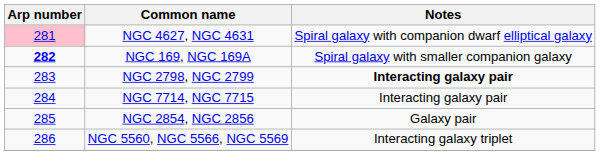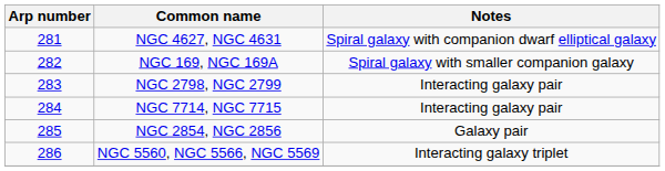 <table class="wikitable" style="text-align:center;">
 <tr>
 <th>Arp number</th>
 <th>Common name</th>
 <th>Notes</th>
 </tr>
 <tr>
-<td style="background: pink;"><a href='#'>281</a></td>
+<td><a href='#'>281</a></td>
 <td><a href='#'>NGC 4627</a>, <a href='#'>NGC 4631</a></td>
 <td><a href='#'>Spiral galaxy</a> with companion dwarf <a href='#'>elliptical galaxy</a></td>
 </tr>
 <tr>
-<td><strong><a href='#'>282</a></strong></td>
+<td><a href='#'>282</a></td>
 <td><a href='#'>NGC 169</a>, <a href='#'>NGC 169A</a></td>
 <td><a href='#'>Spiral galaxy</a> with smaller companion galaxy</td>
 </tr>
 <tr>
 <td><a href='#'>283</a></td>
 <td><a href='#'>NGC 2798</a>, <a href='#'>NGC 2799</a></td>
-<td><strong>Interacting galaxy pair</strong></td>
+<td>Interacting galaxy pair</td>
 </tr>
 <tr>
 <td><a href='#'>284</a></td>
 <td><a href='#'>NGC 7714</a>, <a href='#'>NGC 7715</a></td>
 <td>Interacting galaxy pair</td>
 </tr>
 <tr>
 <td><a href='#'>285</a></td>
 <td><a href='#'>NGC 2854</a>, <a href='#'>NGC 2856</a></td>
 <td>Galaxy pair</td>
 </tr>
 <tr>
 <td><a href='#'>286</a></td>
 <td><a href='#'>NGC 5560</a>, <a href='#'>NGC 5566</a>, <a href='#'>NGC 5569</a></td>
 <td>Interacting galaxy triplet</td>
 </tr>
 <tr>
 </tr>
 </table>
